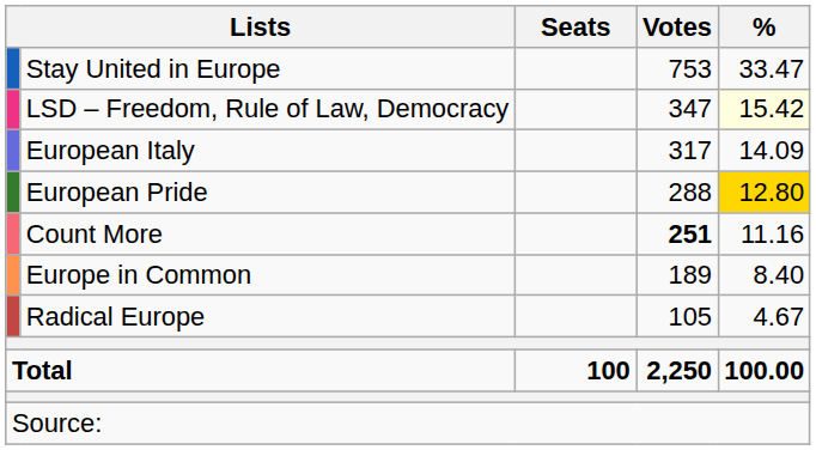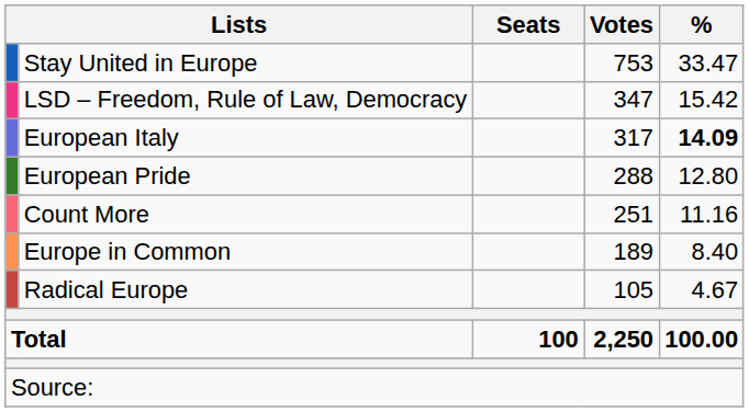 <table class="wikitable" style="text-align:right; font-size:90%;">
 <tr>
 <th colspan="2" width="100">Lists</th>
 <th width="60">Seats</th>
 <th width="30">Votes</th>
 <th width="40">%</th>
 </tr>
 <tr>
 <td width="1" bgcolor=#1560BD></td>
 <td align="left">Stay United in Europe</td>
 <td></td>
 <td>753</td>
 <td>33.47</td>
 </tr>
 <tr>
 <td width="1" bgcolor=#EE3286></td>
 <td align="left">LSD – Freedom, Rule of Law, Democracy</td>
 <td></td>
 <td>347</td>
-<td style="background: lightyellow;">15.42</td>
+<td>15.42</td>
 </tr>
 <tr>
 <td width="1" bgcolor=#656BDD></td>
 <td align="left">European Italy</td>
 <td></td>
 <td>317</td>
-<td>14.09</td>
+<td><strong>14.09</strong></td>
 </tr>
 <tr>
 <td width="1" bgcolor=#347C2C></td>
 <td align="left">European Pride</td>
 <td></td>
 <td>288</td>
-<td style="background: gold;">12.80</td>
+<td>12.80</td>
 </tr>
 <tr>
 <td width="1" bgcolor=#F76877></td>
 <td align="left">Count More</td>
 <td></td>
-<td><strong>251</strong></td>
+<td>251</td>
 <td>11.16</td>
 </tr>
 <tr>
 <td width="1" bgcolor=#FF924F></td>
 <td align="left">Europe in Common</td>
 <td></td>
 <td>189</td>
 <td>8.40</td>
 </tr>
 <tr>
 <td width="1" bgcolor=#C24641></td>
 <td align="left">Radical Europe</td>
 <td></td>
 <td>105</td>
 <td>4.67</td>
 </tr>
 <tr>
 <th colspan="5"></th>
 </tr>
 <tr style="font-weight:bold;">
 <td align="left" colspan="2">Total</td>
 <td>100</td>
 <td>2,250</td>
 <td>100.00</td>
 </tr>
 <tr>
 <th colspan="5"></th>
 </tr>
 <tr>
 <td colspan="5" align="left">Source:    </td>
 </tr>
 </table>
